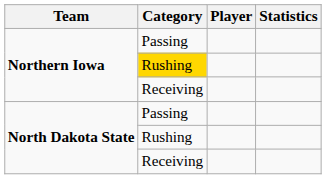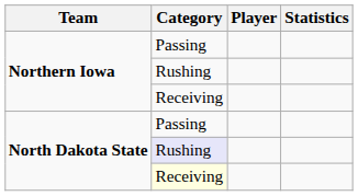 <table class="wikitable" style="float: right;">
 <tr>
 <th>Team</th>
 <th>Category</th>
 <th>Player</th>
 <th>Statistics</th>
 </tr>
 <tr>
 <td rowspan=3><strong>Northern Iowa</strong></td>
 <td>Passing</td>
 <td></td>
 <td></td>
 </tr>
 <tr>
-<td style="background: gold;">Rushing</td>
+<td>Rushing</td>
 <td></td>
 <td></td>
 </tr>
 <tr>
 <td>Receiving</td>
 <td></td>
 <td></td>
 </tr>
 <tr>
 <td rowspan=3><strong>North Dakota State</strong></td>
 <td>Passing</td>
 <td></td>
 <td></td>
 </tr>
 <tr>
-<td>Rushing</td>
+<td style="background: lavender;">Rushing</td>
 <td></td>
 <td></td>
 </tr>
 <tr>
-<td>Receiving</td>
+<td style="background: lightyellow;">Receiving</td>
 <td></td>
 <td></td>
 </tr>
 </table>
